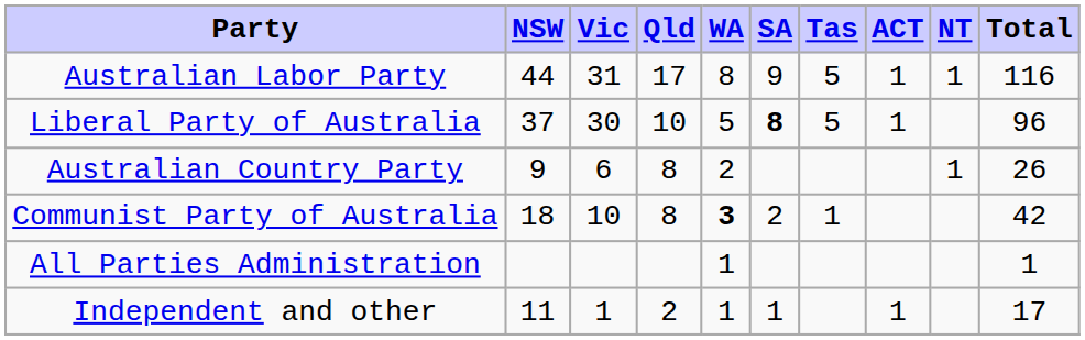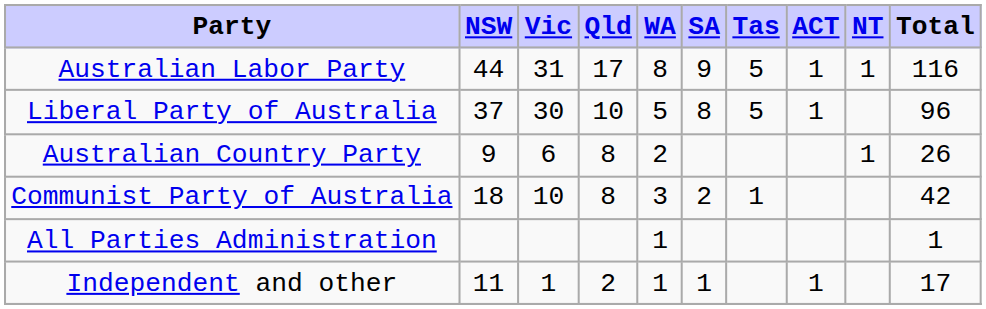 <table class="wikitable" style="text-align:center">
 <tr>
 <th style="background:#ccf;">Party</th>
 <th style="background:#ccf;"><a href='#'>NSW</a></th>
 <th style="background:#ccf;"><a href='#'>Vic</a></th>
 <th style="background:#ccf;"><a href='#'>Qld</a></th>
 <th style="background:#ccf;"><a href='#'>WA</a></th>
 <th style="background:#ccf;"><a href='#'>SA</a></th>
 <th style="background:#ccf;"><a href='#'>Tas</a></th>
 <th style="background:#ccf;"><a href='#'>ACT</a></th>
 <th style="background:#ccf;"><a href='#'>NT</a></th>
 <th colspan="2" style="background:#ccf;">Total</th>
 </tr>
 <tr>
 <td style="font-size:100%;"><a href='#'>Australian Labor Party</a></td>
 <td>44</td>
 <td>31</td>
 <td>17</td>
 <td>8</td>
 <td>9</td>
 <td>5</td>
 <td>1</td>
 <td>1</td>
 <td>116</td>
 </tr>
 <tr>
 <td style="font-size:100%;"><a href='#'>Liberal Party of Australia</a></td>
 <td>37</td>
 <td>30</td>
 <td>10</td>
 <td>5</td>
-<td><strong>8</strong></td>
+<td>8</td>
 <td>5</td>
 <td>1</td>
 <td></td>
 <td>96</td>
 </tr>
 <tr>
 <td style="font-size:100%;"><a href='#'>Australian Country Party</a></td>
 <td>9</td>
 <td>6</td>
 <td>8</td>
 <td>2</td>
 <td></td>
 <td></td>
 <td></td>
 <td>1</td>
 <td>26</td>
 </tr>
 <tr>
 <td style="font-size:100%;"><a href='#'>Communist Party of Australia</a></td>
 <td>18</td>
 <td>10</td>
 <td>8</td>
-<td><strong>3</strong></td>
+<td>3</td>
 <td>2</td>
 <td>1</td>
 <td></td>
 <td></td>
 <td>42</td>
 </tr>
 <tr>
 <td style="font-size:100%;"><a href='#'>All Parties Administration</a></td>
 <td></td>
 <td></td>
 <td></td>
 <td>1</td>
 <td></td>
 <td></td>
 <td></td>
 <td></td>
 <td>1</td>
 </tr>
 <tr>
 <td style="font-size:100%;"><a href='#'>Independent</a> and other</td>
 <td>11</td>
 <td>1</td>
 <td>2</td>
 <td>1</td>
 <td>1</td>
 <td></td>
 <td>1</td>
 <td></td>
 <td>17</td>
 </tr>
 <tr>
 </tr>
 </table>
